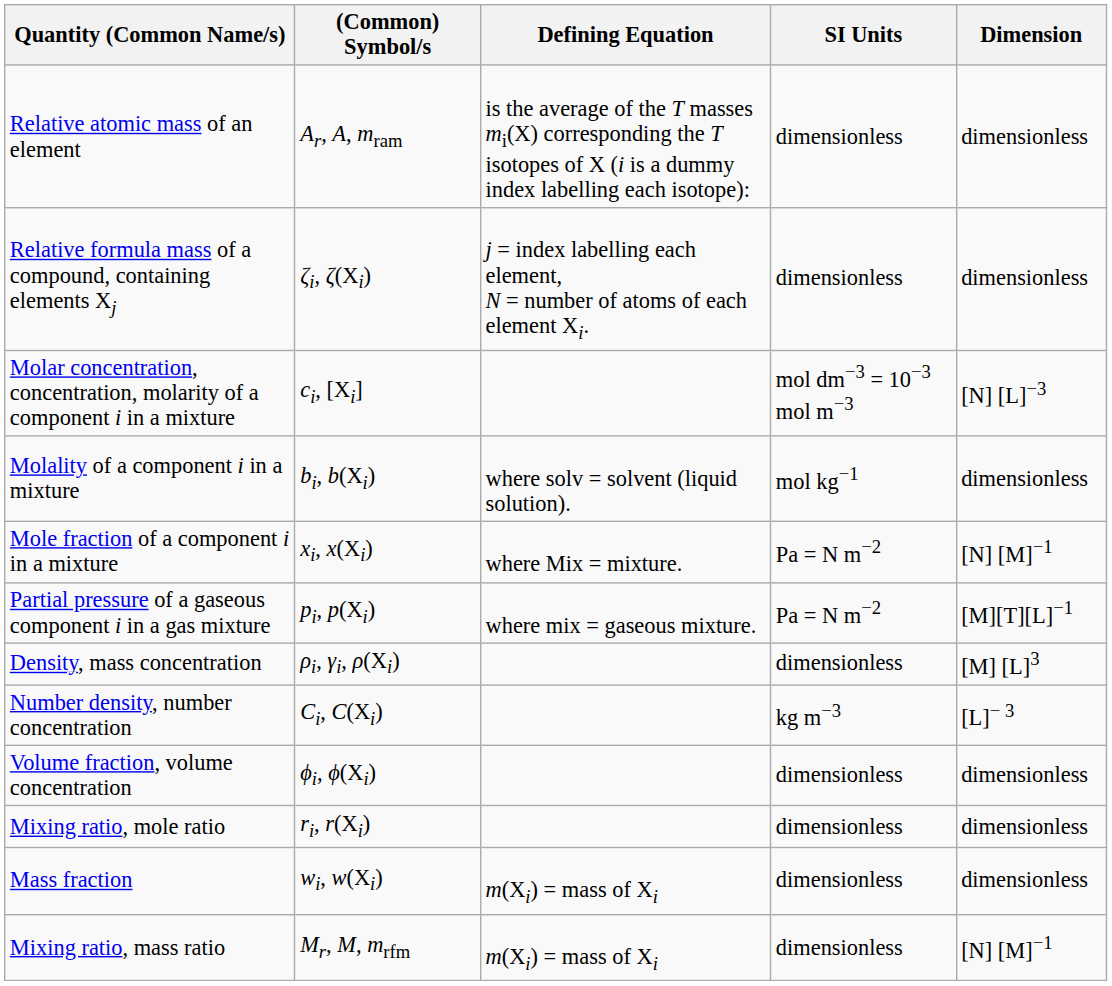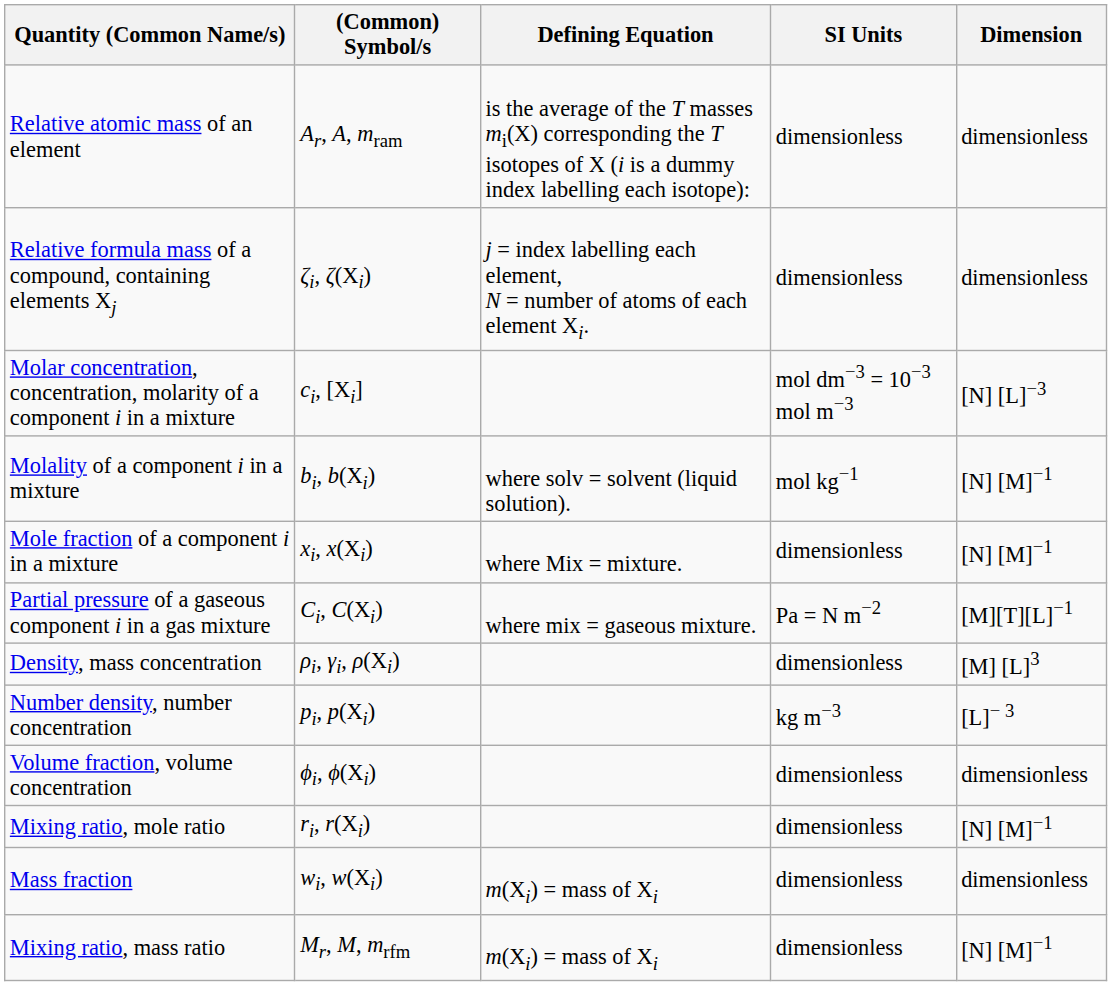 <table class="wikitable">
 <tr>
 <th scope="col" width="200">Quantity (Common Name/s)</th>
 <th scope="col" width="125">(Common) Symbol/s</th>
 <th scope="col" width="200">Defining Equation</th>
 <th scope="col" width="125">SI Units</th>
 <th scope="col" width="100">Dimension</th>
 </tr>
 <tr>
 <td><a href='#'>Relative atomic mass</a> of an element</td>
 <td><em>A<sub>r</sub></em>, <em>A</em>, <em>m</em><sub>ram</sub></td>
 <td><br> is the average of the <em>T</em> masses <em>m</em><sub>i</sub>(X) corresponding the <em>T</em> isotopes of X (<em>i</em> is a dummy index labelling each isotope):<br></td>
 <td>dimensionless</td>
 <td>dimensionless</td>
 </tr>
 <tr>
 <td><a href='#'>Relative formula mass</a> of a compound, containing elements X<sub><em>j</em></sub></td>
 <td><em>ζ<sub>i</sub></em>, <em>ζ</em>(X<sub><em>i</em></sub>)</td>
 <td><br><em>j</em> = index labelling each element, <br> <em>N</em> = number of atoms of each element X<sub><em>i</em></sub>.</td>
 <td>dimensionless</td>
 <td>dimensionless</td>
 </tr>
 <tr>
 <td><a href='#'>Molar concentration</a>, concentration, molarity of a component <em>i</em> in a mixture</td>
 <td><em>c<sub>i</sub></em>, [X<sub><em>i</em></sub>]</td>
 <td></td>
 <td>mol dm<sup>−3</sup> = 10<sup>−3</sup> mol m<sup>−3</sup></td>
 <td>[N] [L]<sup>−3</sup></td>
 </tr>
 <tr>
 <td><a href='#'>Molality</a> of a component <em>i</em> in a mixture</td>
 <td><em>b<sub>i</sub></em>, <em>b</em>(X<sub><em>i</em></sub>)</td>
 <td><br>where solv = solvent (liquid solution).</td>
 <td>mol kg<sup>−1</sup></td>
-<td>dimensionless</td>
+<td>[N] [M]<sup>−1</sup></td>
 </tr>
 <tr>
 <td><a href='#'>Mole fraction</a> of a component <em>i</em> in a mixture</td>
 <td><em>x<sub>i</sub></em>, <em>x</em>(X<sub><em>i</em></sub>)</td>
 <td><br>where Mix = mixture.</td>
-<td>Pa = N m<sup>−2</sup></td>
+<td>dimensionless</td>
 <td>[N] [M]<sup>−1</sup></td>
 </tr>
 <tr>
 <td><a href='#'>Partial pressure</a> of a gaseous component <em>i</em> in a gas mixture</td>
-<td><em>p<sub>i</sub></em>, <em>p</em>(X<sub><em>i</em></sub>)</td>
+<td><em>C<sub>i</sub></em>, <em>C</em>(X<sub><em>i</em></sub>)</td>
 <td><br>where mix = gaseous mixture.</td>
 <td>Pa = N m<sup>−2</sup></td>
 <td>[M][T][L]<sup>−1</sup></td>
 </tr>
 <tr>
 <td><a href='#'>Density</a>, mass concentration</td>
 <td><em>ρ<sub>i</sub></em>, <em>γ<sub>i</sub></em>, <em>ρ</em>(X<sub><em>i</em></sub>)</td>
 <td></td>
 <td>dimensionless</td>
 <td>[M] [L]<sup>3</sup></td>
 </tr>
 <tr>
 <td><a href='#'>Number density</a>, number concentration</td>
-<td><em>C<sub>i</sub></em>, <em>C</em>(X<sub><em>i</em></sub>)</td>
+<td><em>p<sub>i</sub></em>, <em>p</em>(X<sub><em>i</em></sub>)</td>
 <td></td>
 <td>kg m<sup>−3</sup></td>
 <td>[L]<sup>− 3</sup></td>
 </tr>
 <tr>
 <td><a href='#'>Volume fraction</a>, volume concentration</td>
 <td><em>ϕ<sub>i</sub></em>, <em>ϕ</em>(X<sub><em>i</em></sub>)</td>
 <td></td>
 <td>dimensionless</td>
 <td>dimensionless</td>
 </tr>
 <tr>
 <td><a href='#'>Mixing ratio</a>, mole ratio</td>
 <td><em>r<sub>i</sub></em>, <em>r</em>(X<sub><em>i</em></sub>)</td>
 <td></td>
 <td>dimensionless</td>
-<td>dimensionless</td>
+<td>[N] [M]<sup>−1</sup></td>
 </tr>
 <tr>
 <td><a href='#'>Mass fraction</a></td>
 <td><em>w<sub>i</sub></em>, <em>w</em>(X<sub><em>i</em></sub>)</td>
 <td><br><em>m</em>(X<sub><em>i</em></sub>) = mass of X<sub><em>i</em></sub></td>
 <td>dimensionless</td>
 <td>dimensionless</td>
 </tr>
 <tr>
 <td><a href='#'>Mixing ratio</a>, mass ratio</td>
 <td><em>M<sub>r</sub></em>, <em>M</em>, <em>m</em><sub>rfm</sub></td>
 <td><br><em>m</em>(X<sub><em>i</em></sub>) = mass of X<sub><em>i</em></sub></td>
 <td>dimensionless</td>
 <td>[N] [M]<sup>−1</sup></td>
 </tr>
 </table>
